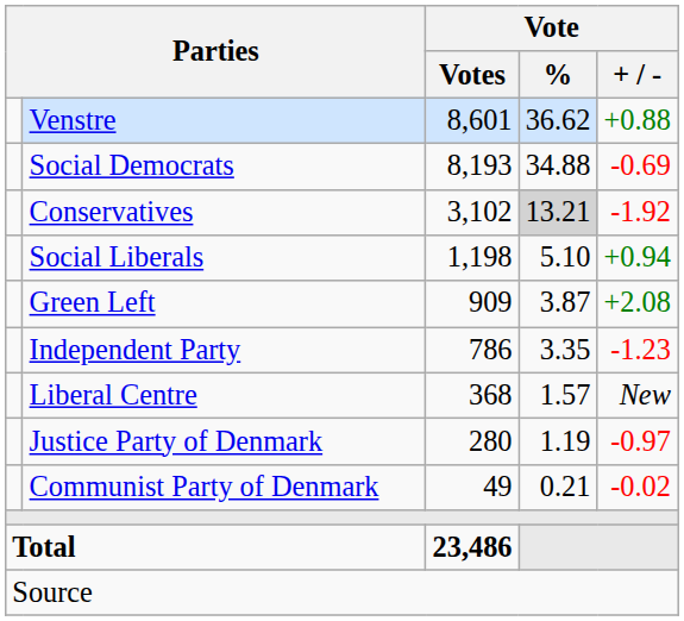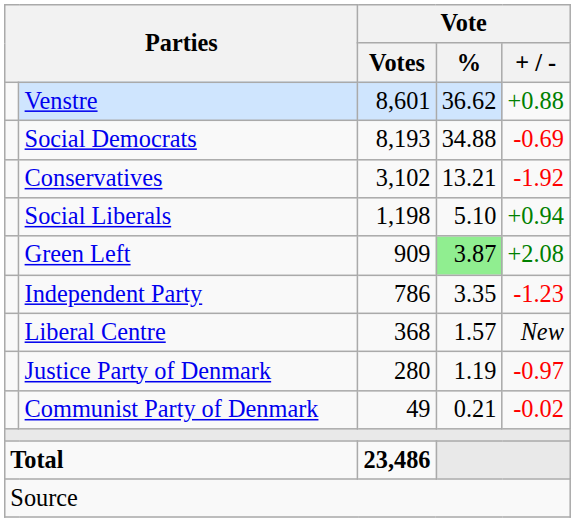 <table class="wikitable" style="text-align:right;">
 <tr>
 <th style="text-align:centre;" rowspan="2" colspan="2" width="225">Parties</th>
 <th colspan="3">Vote</th>
 </tr>
 <tr>
 <th width="15">Votes</th>
 <th width="15">%</th>
 <th width="15">+ / -</th>
 </tr>
 <tr>
 <td width="2" style="color:inherit;background:"></td>
 <td bgcolor=#cfe5fe  align="left"><a href='#'>Venstre</a></td>
 <td bgcolor=#cfe5fe>8,601</td>
 <td bgcolor=#cfe5fe>36.62</td>
 <td style=color:green;>+0.88</td>
 </tr>
 <tr>
 <td width="2" style="color:inherit;background:"></td>
 <td align="left"><a href='#'>Social Democrats</a></td>
 <td>8,193</td>
 <td>34.88</td>
 <td style=color:red;>-0.69</td>
 </tr>
 <tr>
 <td width="2" style="color:inherit;background:"></td>
 <td align="left"><a href='#'>Conservatives</a></td>
 <td>3,102</td>
-<td style="background: lightgrey;">13.21</td>
+<td>13.21</td>
 <td style=color:red;>-1.92</td>
 </tr>
 <tr>
 <td width="2" style="color:inherit;background:"></td>
 <td align="left"><a href='#'>Social Liberals</a></td>
 <td>1,198</td>
 <td>5.10</td>
 <td style=color:green;>+0.94</td>
 </tr>
 <tr>
 <td width="2" style="color:inherit;background:"></td>
 <td align="left"><a href='#'>Green Left</a></td>
 <td>909</td>
-<td>3.87</td>
+<td style="background: lightgreen;">3.87</td>
 <td style=color:green;>+2.08</td>
 </tr>
 <tr>
 <td width="2" style="color:inherit;background:"></td>
 <td align="left"><a href='#'>Independent Party</a></td>
 <td>786</td>
 <td>3.35</td>
 <td style=color:red;>-1.23</td>
 </tr>
 <tr>
 <td width="2" style="color:inherit;background:"></td>
 <td align="left"><a href='#'>Liberal Centre</a></td>
 <td>368</td>
 <td>1.57</td>
 <td><em>New</em></td>
 </tr>
 <tr>
 <td width="2" style="color:inherit;background:"></td>
 <td align="left"><a href='#'>Justice Party of Denmark</a></td>
 <td>280</td>
 <td>1.19</td>
 <td style=color:red;>-0.97</td>
 </tr>
 <tr>
 <td width="2" style="color:inherit;background:"></td>
 <td align="left"><a href='#'>Communist Party of Denmark</a></td>
 <td>49</td>
 <td>0.21</td>
 <td style=color:red;>-0.02</td>
 </tr>
 <tr>
 <td colspan="7" bgcolor="#E9E9E9"></td>
 </tr>
 <tr>
 <td align="left" colspan="2"><strong>Total</strong></td>
 <td><strong>23,486</strong></td>
 <td bgcolor="#E9E9E9" colspan="2"></td>
 </tr>
 <tr>
 <td align="left" colspan="6">Source</td>
 </tr>
 </table>
